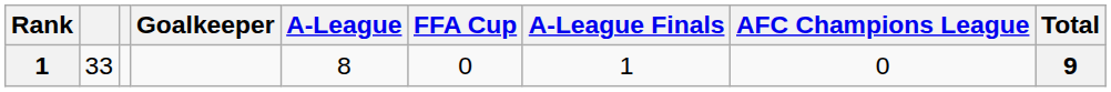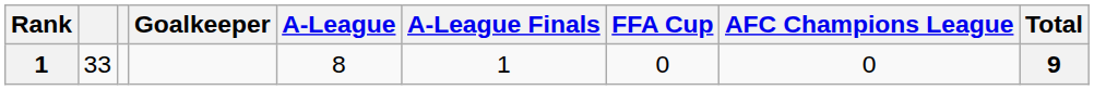 <table class="wikitable" style="text-align:center">
 <tr>
 <th>Rank</th>
 <th></th>
 <th></th>
 <th>Goalkeeper</th>
 <th><a href='#'>A-League</a></th>
+<th><a href='#'>A-League Finals</a></th>
 <th><a href='#'>FFA Cup</a></th>
-<th><a href='#'>A-League Finals</a></th>
 <th><a href='#'>AFC Champions League</a></th>
 <th>Total</th>
 </tr>
 <tr>
 <th>1</th>
 <td>33</td>
 <td></td>
 <td align="left"></td>
 <td>8</td>
+<td>1</td>
 <td>0</td>
-<td>1</td>
 <td>0</td>
 <th>9</th>
 </tr>
 </table>
